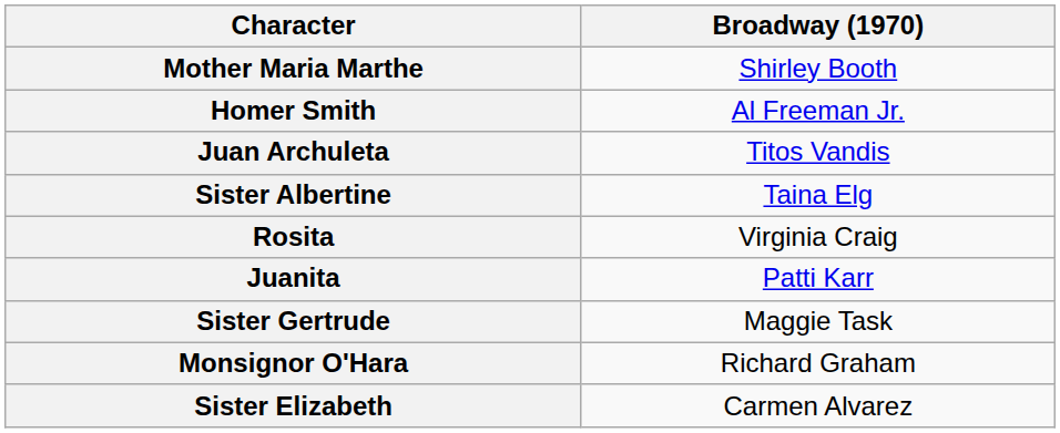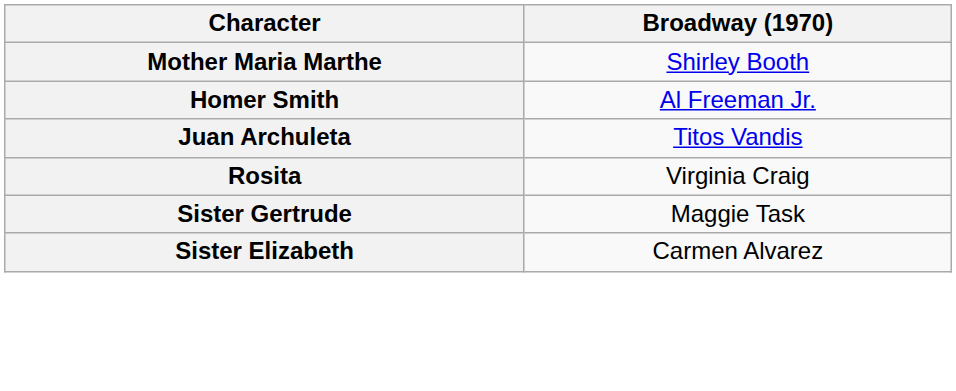 <table class="wikitable" style="width:50%; text-align:center">
 <tr>
 <th scope="col">Character</th>
 <th>Broadway (1970)</th>
 </tr>
 <tr>
 <th>Mother Maria Marthe</th>
 <td colspan="1"><a href='#'>Shirley Booth</a></td>
 </tr>
 <tr>
 <th>Homer Smith</th>
 <td colspan="1”"><a href='#'>Al Freeman Jr.</a></td>
 </tr>
 <tr>
 <th>Juan Archuleta</th>
 <td colspan="1”"><a href='#'>Titos Vandis</a></td>
 </tr>
 <tr>
-<th>Sister Albertine</th>
-<td colspan="1"><a href='#'>Taina Elg</a></td>
-</tr>
-<tr>
 <th>Rosita</th>
 <td colspan="1">Virginia Craig</td>
-</tr>
-<tr>
-<th>Juanita</th>
-<td colspan="1"><a href='#'>Patti Karr</a></td>
 </tr>
 <tr>
 <th>Sister Gertrude</th>
 <td colspan="1">Maggie Task</td>
 </tr>
 <tr>
-<th>Monsignor O'Hara</th>
-<td colspan="1">Richard Graham</td>
-</tr>
-<tr>
 <th>Sister Elizabeth</th>
 <td colspan="1">Carmen Alvarez</td>
 </tr>
 </table>
